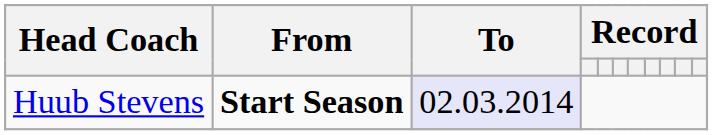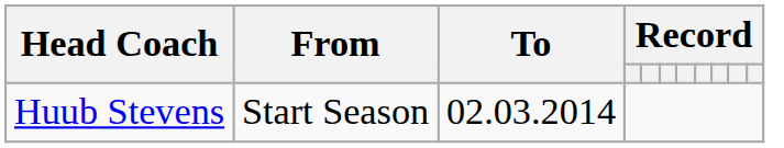 <table class="wikitable" style="text-align: center">
 <tr>
 <th rowspan=2>Head Coach</th>
 <th rowspan=2>From</th>
 <th rowspan=2>To</th>
 <th colspan=8>Record</th>
 </tr>
 <tr>
 <th></th>
 <th></th>
 <th></th>
 <th></th>
 <th></th>
 <th></th>
 <th></th>
 <th></th>
 </tr>
 <tr>
 <td> <a href='#'>Huub Stevens</a></td>
-<td><strong>Start Season</strong></td>
-<td style="background: lavender;">02.03.2014<br></td>
+<td>Start Season</td>
+<td>02.03.2014<br></td>
 </tr>
 </table>
